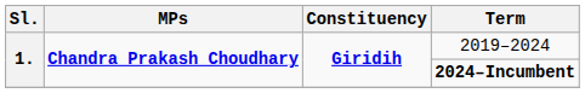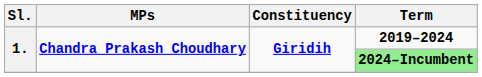 <table class="wikitable sortable" style="text-align:center;">
 <tr>
 <th Style="background-color:">Sl.</th>
 <th Style="background-color:">MPs</th>
 <th Style="background-color:">Constituency</th>
 <th Style="background-color:">Term</th>
 </tr>
 <tr>
 <th Rowspan=2>1.</th>
 <td Rowspan=2><strong><a href='#'>Chandra Prakash Choudhary</a></strong></td>
 <td Rowspan=2><strong><a href='#'>Giridih</a></strong></td>
-<td>2019–2024</td>
+<td><strong>2019–2024</strong></td>
 </tr>
 <tr>
-<td><strong>2024–Incumbent</strong></td>
+<td style="background: lightgreen;"><strong>2024–Incumbent</strong></td>
 </tr>
 <tr>
 </tr>
 </table>
